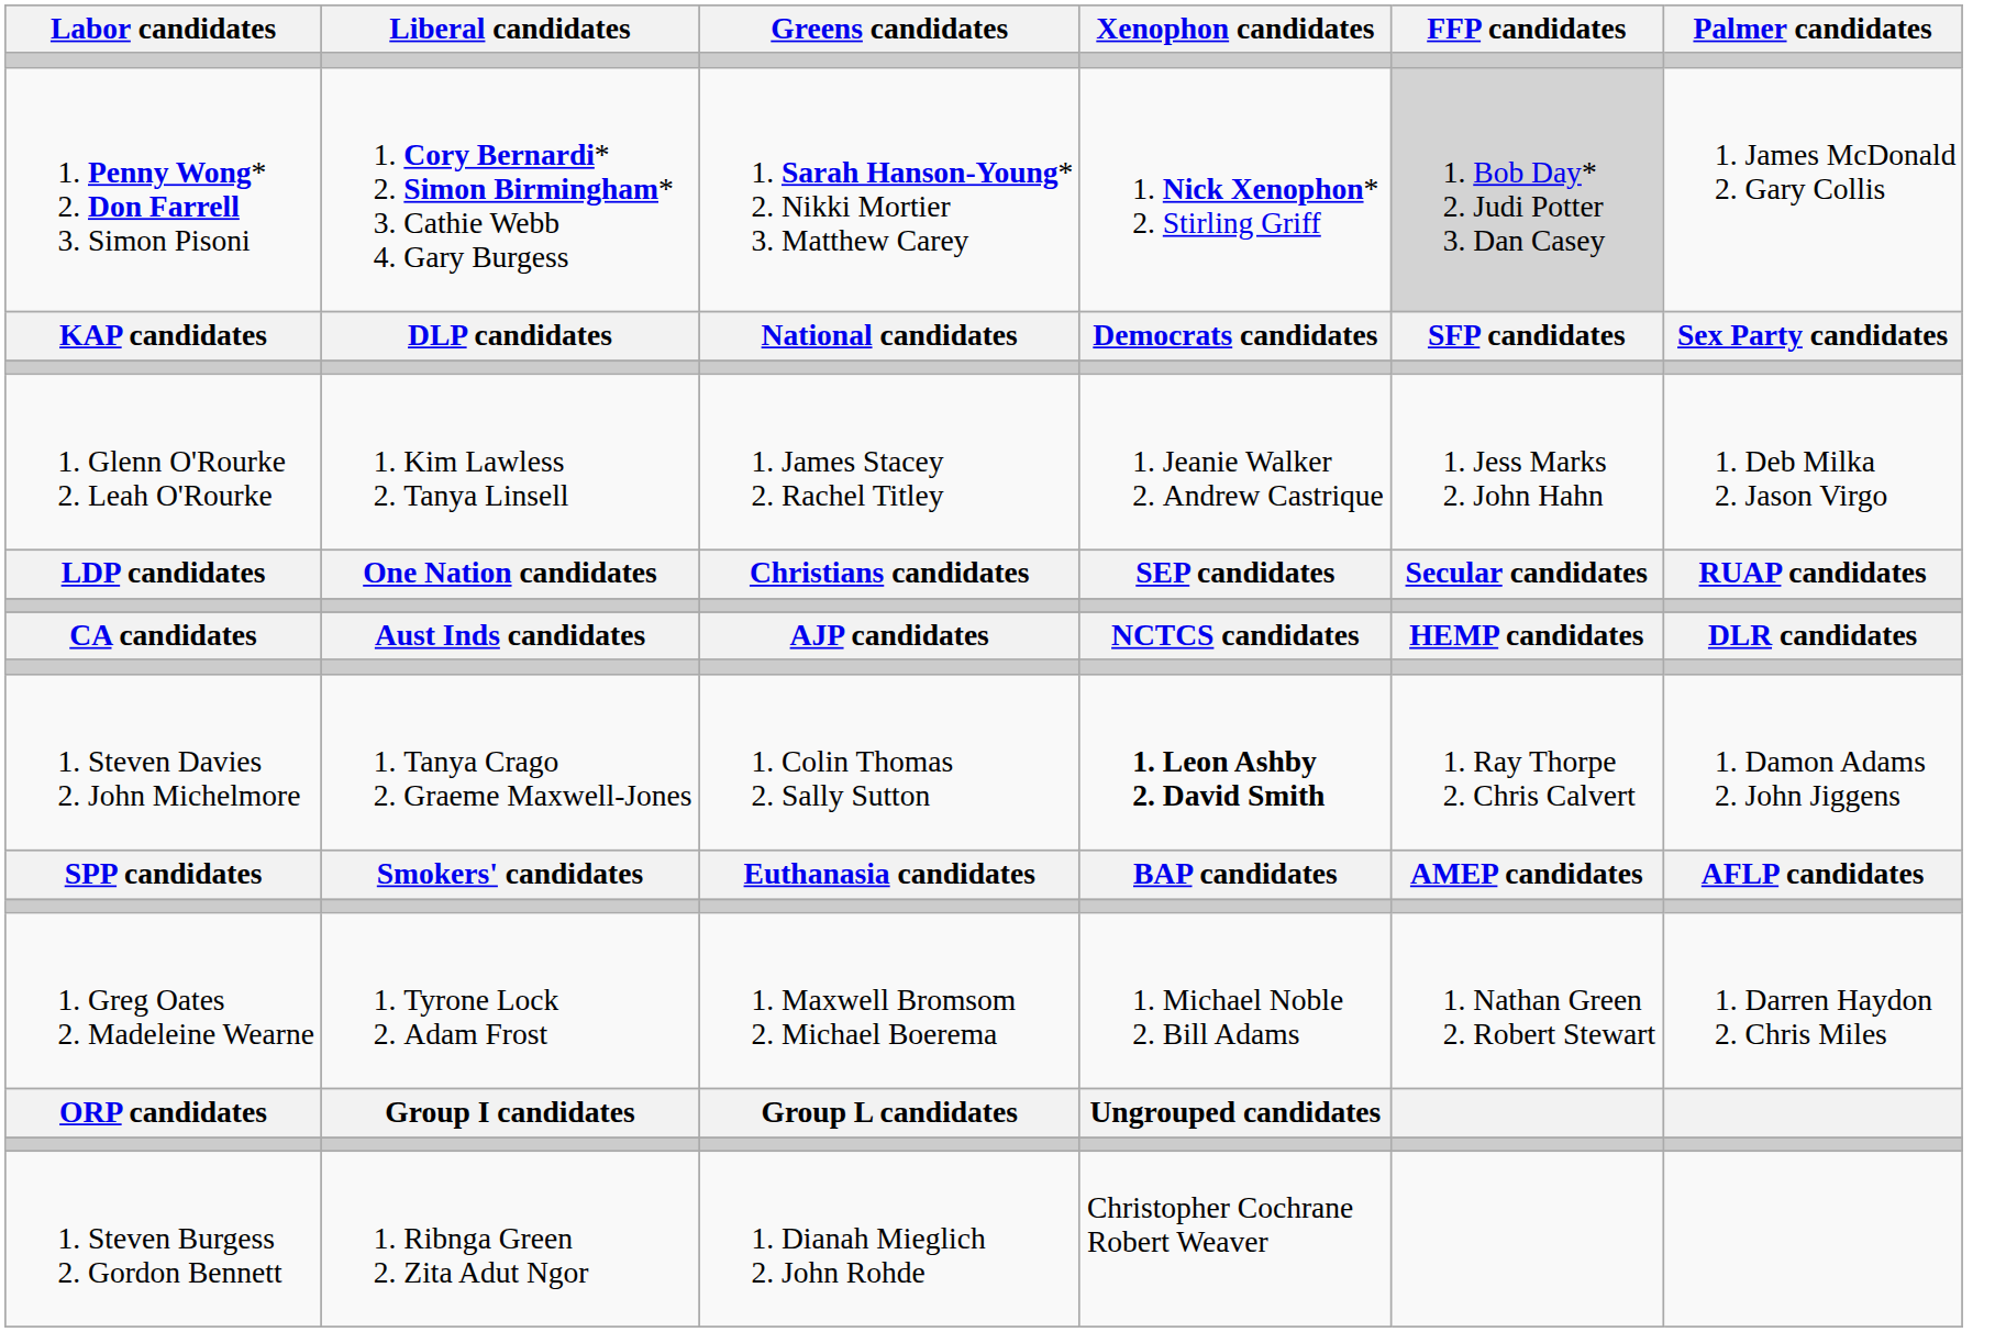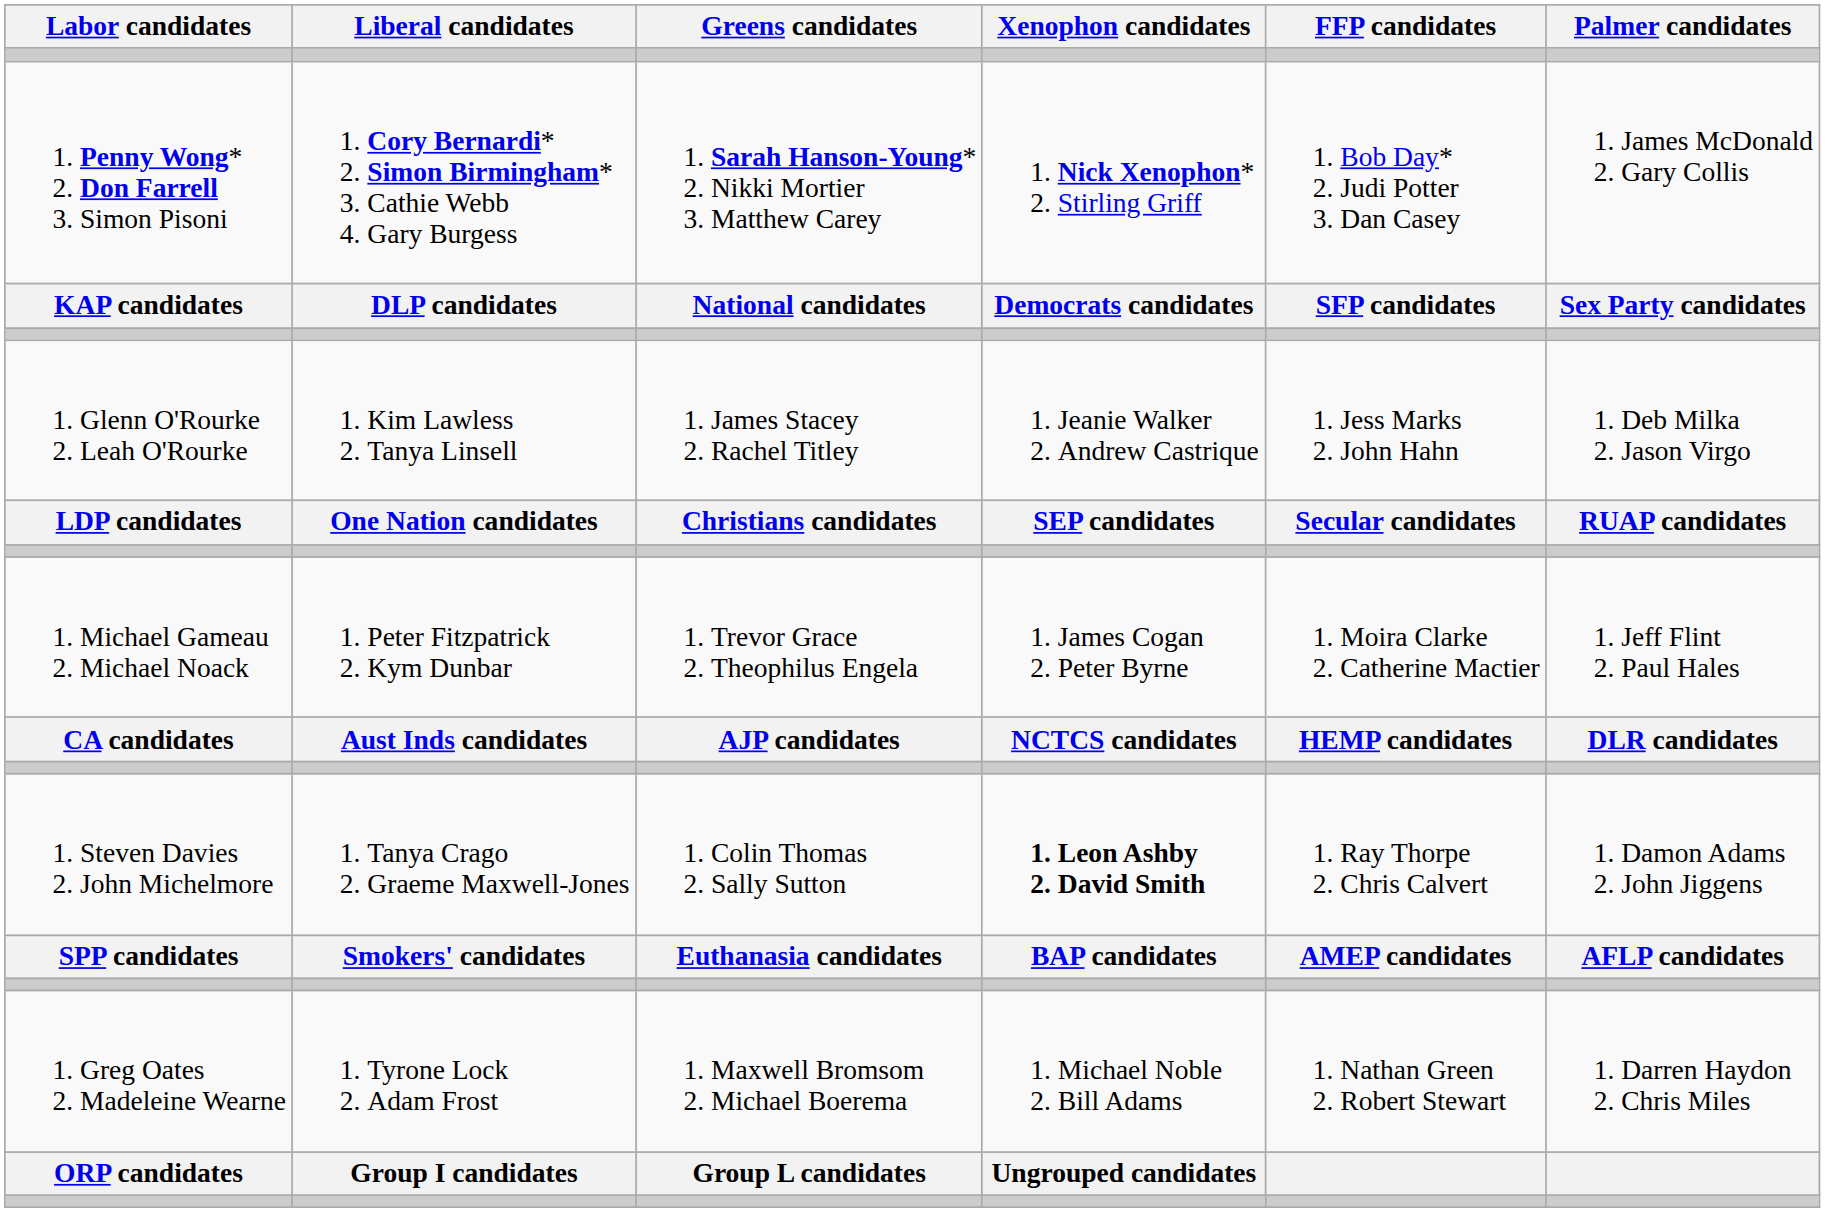 <table class="wikitable">
 <tr>
 <th><a href='#'>Labor</a> candidates</th>
 <th><a href='#'>Liberal</a> candidates</th>
 <th><a href='#'>Greens</a> candidates</th>
 <th><a href='#'>Xenophon</a> candidates</th>
 <th><a href='#'>FFP</a> candidates</th>
 <th><a href='#'>Palmer</a> candidates</th>
 </tr>
 <tr style="background:#ccc;">
 <td></td>
 <td></td>
 <td></td>
 <td></td>
 <td></td>
 <td></td>
 </tr>
 <tr>
 <td><br><ol><li><strong><a href='#'>Penny Wong</a></strong>*</li><li><strong><a href='#'>Don Farrell</a></strong></li><li>Simon Pisoni</li></ol></td>
 <td><br><ol><li><strong><a href='#'>Cory Bernardi</a></strong>*</li><li><strong><a href='#'>Simon Birmingham</a></strong>*</li><li>Cathie Webb</li><li>Gary Burgess</li></ol></td>
 <td><br><ol><li><strong><a href='#'>Sarah Hanson-Young</a></strong>*</li><li>Nikki Mortier</li><li>Matthew Carey</li></ol></td>
 <td><br><ol><li><strong><a href='#'>Nick Xenophon</a></strong>*</li><li><a href='#'>Stirling Griff</a></li></ol></td>
-<td style="background: lightgrey;"><br><ol><li><a href='#'>Bob Day</a>*</li><li>Judi Potter</li><li>Dan Casey</li></ol></td>
+<td><br><ol><li><a href='#'>Bob Day</a>*</li><li>Judi Potter</li><li>Dan Casey</li></ol></td>
 <td valign=top><br><ol><li>James McDonald</li><li>Gary Collis</li></ol></td>
 </tr>
 <tr style="background:#ccc;">
 <th><a href='#'>KAP</a> candidates</th>
 <th><a href='#'>DLP</a> candidates</th>
 <th><a href='#'>National</a> candidates</th>
 <th><a href='#'>Democrats</a> candidates</th>
 <th><a href='#'>SFP</a> candidates</th>
 <th><a href='#'>Sex Party</a> candidates</th>
 </tr>
 <tr style="background:#ccc;">
 <td></td>
 <td></td>
 <td></td>
 <td></td>
 <td></td>
 <td></td>
 </tr>
 <tr>
 <td valign=top><br><ol><li>Glenn O'Rourke</li><li>Leah O'Rourke</li></ol></td>
 <td valign=top><br><ol><li>Kim Lawless</li><li>Tanya Linsell</li></ol></td>
 <td valign=top><br><ol><li>James Stacey</li><li>Rachel Titley</li></ol></td>
 <td valign=top><br><ol><li>Jeanie Walker</li><li>Andrew Castrique</li></ol></td>
 <td valign=top><br><ol><li>Jess Marks</li><li>John Hahn</li></ol></td>
 <td valign=top><br><ol><li>Deb Milka</li><li>Jason Virgo</li></ol></td>
 </tr>
 <tr style="background:#ccc;">
 <th><a href='#'>LDP</a> candidates</th>
 <th><a href='#'>One Nation</a> candidates</th>
 <th><a href='#'>Christians</a> candidates</th>
 <th><a href='#'>SEP</a> candidates</th>
 <th><a href='#'>Secular</a> candidates</th>
 <th><a href='#'>RUAP</a> candidates</th>
 </tr>
 <tr style="background:#ccc;">
 <td></td>
 <td></td>
 <td></td>
 <td></td>
 <td></td>
 <td></td>
+</tr>
+<tr>
+<td valign=top><br><ol><li>Michael Gameau</li><li>Michael Noack</li></ol></td>
+<td valign=top><br><ol><li>Peter Fitzpatrick</li><li>Kym Dunbar</li></ol></td>
+<td valign=top><br><ol><li>Trevor Grace</li><li>Theophilus Engela</li></ol></td>
+<td valign=top><br><ol><li>James Cogan</li><li>Peter Byrne</li></ol></td>
+<td valign=top><br><ol><li>Moira Clarke</li><li>Catherine Mactier</li></ol></td>
+<td valign=top><br><ol><li>Jeff Flint</li><li>Paul Hales</li></ol></td>
 </tr>
 <tr style="background:#ccc;">
 <th><a href='#'>CA</a> candidates</th>
 <th><a href='#'>Aust Inds</a> candidates</th>
 <th><a href='#'>AJP</a> candidates</th>
 <th><a href='#'>NCTCS</a> candidates</th>
 <th><a href='#'>HEMP</a> candidates</th>
 <th><a href='#'>DLR</a> candidates</th>
 </tr>
 <tr style="background:#ccc;">
 <td></td>
 <td></td>
 <td></td>
 <td></td>
 <td></td>
 <td></td>
 </tr>
 <tr>
 <td valign=top><br><ol><li>Steven Davies</li><li>John Michelmore</li></ol></td>
 <td valign=top><br><ol><li>Tanya Crago</li><li>Graeme Maxwell-Jones</li></ol></td>
 <td valign=top><br><ol><li>Colin Thomas</li><li>Sally Sutton</li></ol></td>
 <td valign=top><strong><br><ol><li>Leon Ashby</li><li>David Smith</li></ol></strong></td>
 <td valign=top><br><ol><li>Ray Thorpe</li><li>Chris Calvert</li></ol></td>
 <td valign=top><br><ol><li>Damon Adams</li><li>John Jiggens</li></ol></td>
 </tr>
 <tr style="background:#ccc;">
 <th><a href='#'>SPP</a> candidates</th>
 <th><a href='#'>Smokers'</a> candidates</th>
 <th><a href='#'>Euthanasia</a> candidates</th>
 <th><a href='#'>BAP</a> candidates</th>
 <th><a href='#'>AMEP</a> candidates</th>
 <th><a href='#'>AFLP</a> candidates</th>
 </tr>
 <tr style="background:#ccc;">
 <td></td>
 <td></td>
 <td></td>
 <td></td>
 <td></td>
 <td></td>
 </tr>
 <tr>
 <td valign=top><br><ol><li>Greg Oates</li><li>Madeleine Wearne</li></ol></td>
 <td valign=top><br><ol><li>Tyrone Lock</li><li>Adam Frost</li></ol></td>
 <td valign=top><br><ol><li>Maxwell Bromsom</li><li>Michael Boerema</li></ol></td>
 <td valign=top><br><ol><li>Michael Noble</li><li>Bill Adams</li></ol></td>
 <td valign=top><br><ol><li>Nathan Green</li><li>Robert Stewart</li></ol></td>
 <td valign=top><br><ol><li>Darren Haydon</li><li>Chris Miles</li></ol></td>
 </tr>
 <tr style="background:#ccc;">
 <th><a href='#'>ORP</a> candidates</th>
 <th>Group I candidates</th>
 <th>Group L candidates</th>
 <th>Ungrouped candidates</th>
 <th></th>
 <th></th>
 </tr>
 <tr style="background:#ccc;">
 <td></td>
 <td></td>
 <td></td>
 <td></td>
 <td></td>
 <td></td>
 </tr>
-<tr>
-<td valign=top><br><ol><li>Steven Burgess</li><li>Gordon Bennett</li></ol></td>
-<td valign=top><br><ol><li>Ribnga Green</li><li>Zita Adut Ngor</li></ol></td>
-<td valign=top><br><ol><li>Dianah Mieglich</li><li>John Rohde</li></ol></td>
-<td valign=top><br>Christopher Cochrane <br> Robert Weaver</td>
-<td valign=top></td>
-<td valign=top></td>
-</tr>
 </table>
